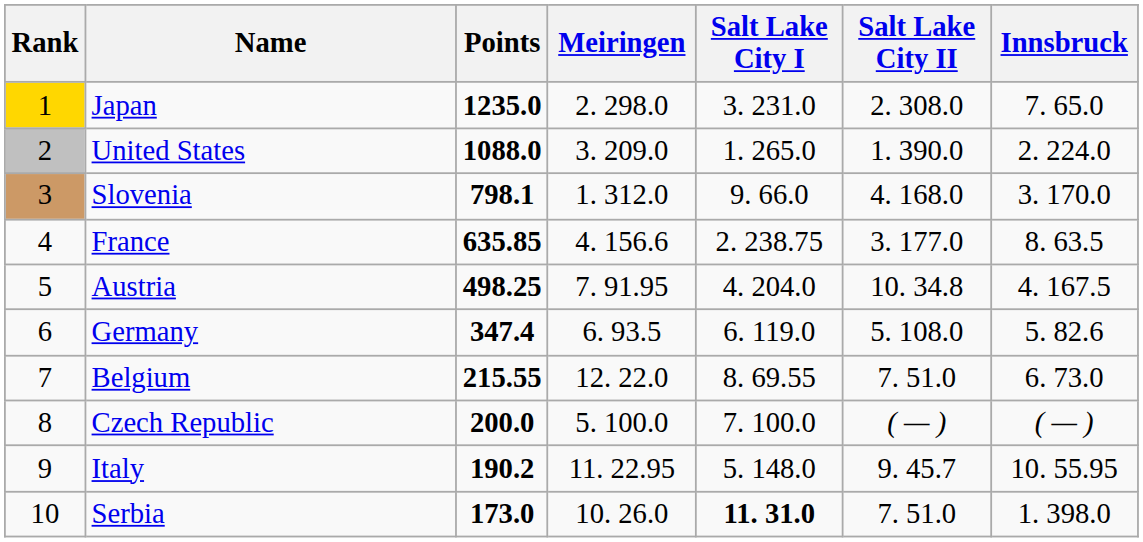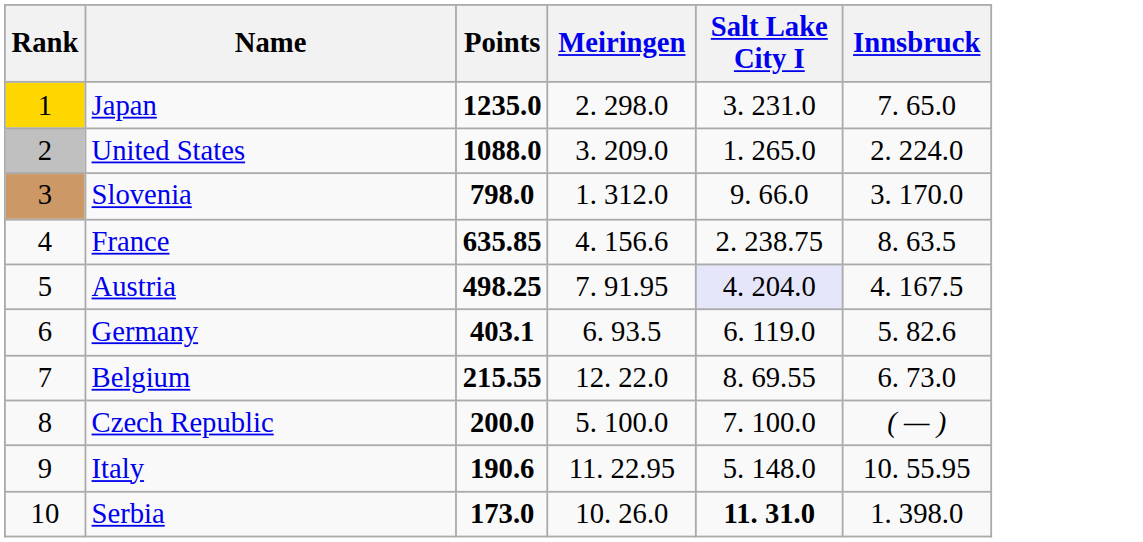 <table class="wikitable sortable">
 <tr>
 <th>Rank</th>
 <th width = "200">Name</th>
 <th>Points</th>
 <th width = "75" data-sort-type="number"><a href='#'>Meiringen</a></th>
 <th width = "75" data-sort-type="number"><a href='#'>Salt Lake City I</a></th>
-<th width = "75" data-sort-type="number"><a href='#'>Salt Lake City II</a></th>
 <th width = "75" data-sort-type="number"><a href='#'>Innsbruck</a></th>
 </tr>
 <tr>
 <td align="center" style="background: gold">1</td>
 <td> <a href='#'>Japan</a></td>
 <td align="center"><strong>1235.0</strong></td>
 <td align="center">2. 298.0</td>
 <td align="center">3. 231.0</td>
-<td align="center">2. 308.0</td>
 <td align="center">7. 65.0</td>
 </tr>
 <tr>
 <td align="center" style="background: silver">2</td>
 <td> <a href='#'>United States</a></td>
 <td align="center"><strong>1088.0</strong></td>
 <td align="center">3. 209.0</td>
 <td align="center">1. 265.0</td>
-<td align="center">1. 390.0</td>
 <td align="center">2. 224.0</td>
 </tr>
 <tr>
 <td align="center" style="background: #cc9966">3</td>
 <td> <a href='#'>Slovenia</a></td>
-<td align="center"><strong>798.1</strong></td>
+<td align="center"><strong>798.0</strong></td>
 <td align="center">1. 312.0</td>
 <td align="center">9. 66.0</td>
-<td align="center">4. 168.0</td>
 <td align="center">3. 170.0</td>
 </tr>
 <tr>
 <td align="center">4</td>
 <td> <a href='#'>France</a></td>
 <td align="center"><strong>635.85</strong></td>
 <td align="center">4. 156.6</td>
 <td align="center">2. 238.75</td>
-<td align="center">3. 177.0</td>
 <td align="center">8. 63.5</td>
 </tr>
 <tr>
 <td align="center">5</td>
 <td> <a href='#'>Austria</a></td>
 <td align="center"><strong>498.25</strong></td>
 <td align="center">7. 91.95</td>
-<td align="center">4. 204.0</td>
-<td align="center">10. 34.8</td>
+<td align="center" style="background: lavender;">4. 204.0</td>
 <td align="center">4. 167.5</td>
 </tr>
 <tr>
 <td align="center">6</td>
 <td> <a href='#'>Germany</a></td>
-<td align="center"><strong>347.4</strong></td>
+<td align="center"><strong>403.1</strong></td>
 <td align="center">6. 93.5</td>
 <td align="center">6. 119.0</td>
-<td align="center">5. 108.0</td>
 <td align="center">5. 82.6</td>
 </tr>
 <tr>
 <td align="center">7</td>
 <td> <a href='#'>Belgium</a></td>
 <td align="center"><strong>215.55</strong></td>
 <td align="center">12. 22.0</td>
 <td align="center">8. 69.55</td>
-<td align="center">7. 51.0</td>
 <td align="center">6. 73.0</td>
 </tr>
 <tr>
 <td align="center">8</td>
 <td> <a href='#'>Czech Republic</a></td>
 <td align="center"><strong>200.0</strong></td>
 <td align="center">5. 100.0</td>
 <td align="center">7. 100.0</td>
 <td align="center"><em>( — )</em></td>
-<td align="center"><em>( — )</em></td>
 </tr>
 <tr>
 <td align="center">9</td>
 <td> <a href='#'>Italy</a></td>
-<td align="center"><strong>190.2</strong></td>
+<td align="center"><strong>190.6</strong></td>
 <td align="center">11. 22.95</td>
 <td align="center">5. 148.0</td>
-<td align="center">9. 45.7</td>
 <td align="center">10. 55.95</td>
 </tr>
 <tr>
 <td align="center">10</td>
 <td> <a href='#'>Serbia</a></td>
 <td align="center"><strong>173.0</strong></td>
 <td align="center">10. 26.0</td>
 <td align="center"><strong>11. 31.0</strong></td>
-<td align="center">7. 51.0</td>
 <td align="center">1. 398.0</td>
 </tr>
 </table>
